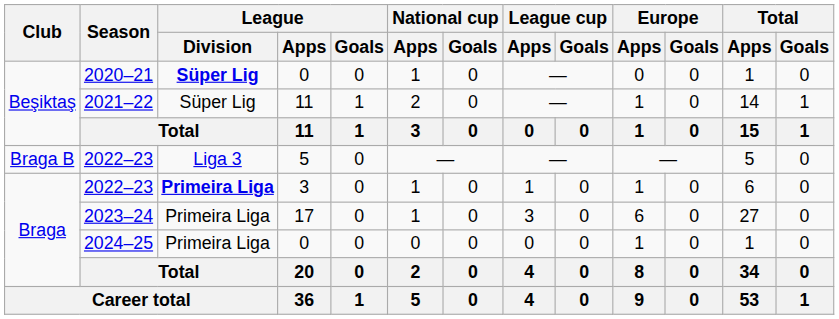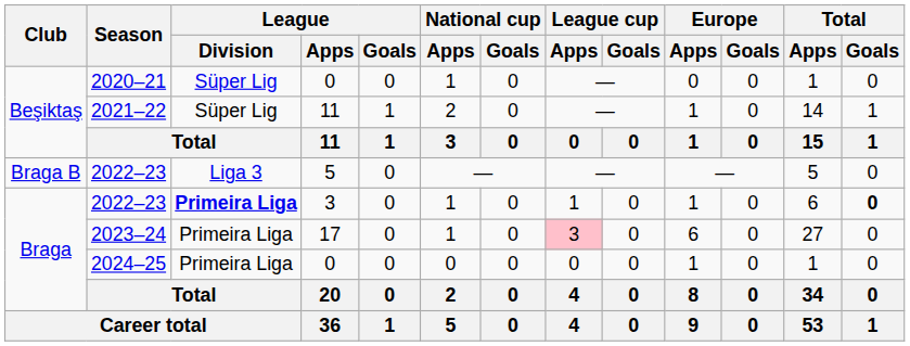 <table class="wikitable" style="text-align:center">
 <tr>
 <th rowspan="2">Club</th>
 <th rowspan="2">Season</th>
 <th colspan="3">League</th>
 <th colspan="2">National cup</th>
 <th colspan="2">League cup</th>
 <th colspan="2">Europe</th>
 <th colspan="2">Total</th>
 </tr>
 <tr>
 <th>Division</th>
 <th>Apps</th>
 <th>Goals</th>
 <th>Apps</th>
 <th>Goals</th>
 <th>Apps</th>
 <th>Goals</th>
 <th>Apps</th>
 <th>Goals</th>
 <th>Apps</th>
 <th>Goals</th>
 </tr>
 <tr>
 <td rowspan="3"><a href='#'>Beşiktaş</a></td>
 <td><a href='#'>2020–21</a></td>
-<td><strong><a href='#'>Süper Lig</a></strong></td>
+<td><a href='#'>Süper Lig</a></td>
 <td>0</td>
 <td>0</td>
 <td>1</td>
 <td>0</td>
 <td colspan="2">—</td>
 <td>0</td>
 <td>0</td>
 <td>1</td>
 <td>0</td>
 </tr>
 <tr>
 <td><a href='#'>2021–22</a></td>
 <td>Süper Lig</td>
 <td>11</td>
 <td>1</td>
 <td>2</td>
 <td>0</td>
 <td colspan="2">—</td>
 <td>1</td>
 <td>0</td>
 <td>14</td>
 <td>1</td>
 </tr>
 <tr>
 <th colspan="2">Total</th>
 <th>11</th>
 <th>1</th>
 <th>3</th>
 <th>0</th>
 <th>0</th>
 <th>0</th>
 <th>1</th>
 <th>0</th>
 <th>15</th>
 <th>1</th>
 </tr>
 <tr>
 <td><a href='#'>Braga B</a></td>
 <td><a href='#'>2022–23</a></td>
 <td><a href='#'>Liga 3</a></td>
 <td>5</td>
 <td>0</td>
 <td colspan="2">—</td>
 <td colspan="2">—</td>
 <td colspan="2">—</td>
 <td>5</td>
 <td>0</td>
 </tr>
 <tr>
 <td rowspan="4"><a href='#'>Braga</a></td>
 <td><a href='#'>2022–23</a></td>
 <td><strong><a href='#'>Primeira Liga</a></strong></td>
 <td>3</td>
 <td>0</td>
 <td>1</td>
 <td>0</td>
 <td>1</td>
 <td>0</td>
 <td>1</td>
 <td>0</td>
 <td>6</td>
-<td>0</td>
+<td><strong>0</strong></td>
 </tr>
 <tr>
 <td><a href='#'>2023–24</a></td>
 <td>Primeira Liga</td>
 <td>17</td>
 <td>0</td>
 <td>1</td>
 <td>0</td>
-<td>3</td>
+<td style="background: pink;">3</td>
 <td>0</td>
 <td>6</td>
 <td>0</td>
 <td>27</td>
 <td>0</td>
 </tr>
 <tr>
 <td><a href='#'>2024–25</a></td>
 <td>Primeira Liga</td>
 <td>0</td>
 <td>0</td>
 <td>0</td>
 <td>0</td>
 <td>0</td>
 <td>0</td>
 <td>1</td>
 <td>0</td>
 <td>1</td>
 <td>0</td>
 </tr>
 <tr>
 <th colspan="2">Total</th>
 <th>20</th>
 <th>0</th>
 <th>2</th>
 <th>0</th>
 <th>4</th>
 <th>0</th>
 <th>8</th>
 <th>0</th>
 <th>34</th>
 <th>0</th>
 </tr>
 <tr>
 <th colspan="3">Career total</th>
 <th>36</th>
 <th>1</th>
 <th>5</th>
 <th>0</th>
 <th>4</th>
 <th>0</th>
 <th>9</th>
 <th>0</th>
 <th>53</th>
 <th>1</th>
 </tr>
 </table>
